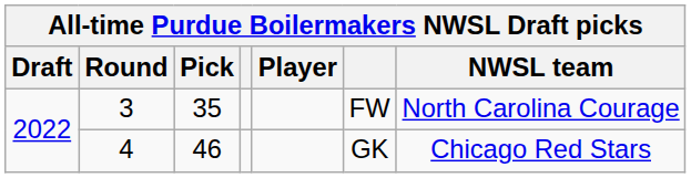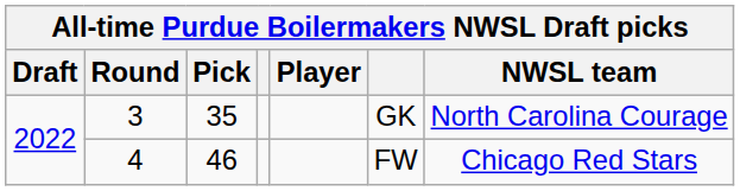 <table class="wikitable sortable" style="text-align: center;">
 <tr>
 <th colspan="7" style="background:#">All-time <a href='#'><span>Purdue Boilermakers</span></a> NWSL Draft picks</th>
 </tr>
 <tr>
 <th scope="col">Draft</th>
 <th scope="col">Round</th>
 <th scope="col">Pick</th>
 <th scope="col"></th>
 <th scope="col">Player</th>
 <th scope="col"></th>
 <th scope="col">NWSL team</th>
 </tr>
 <tr>
 <td rowspan="2"><a href='#'>2022</a></td>
 <td>3</td>
 <td>35</td>
 <td></td>
 <td></td>
-<td>FW</td>
+<td>GK</td>
 <td><a href='#'>North Carolina Courage</a></td>
 </tr>
 <tr>
 <td>4</td>
 <td>46</td>
 <td></td>
 <td></td>
-<td>GK</td>
+<td>FW</td>
 <td><a href='#'>Chicago Red Stars</a></td>
 </tr>
 </table>
